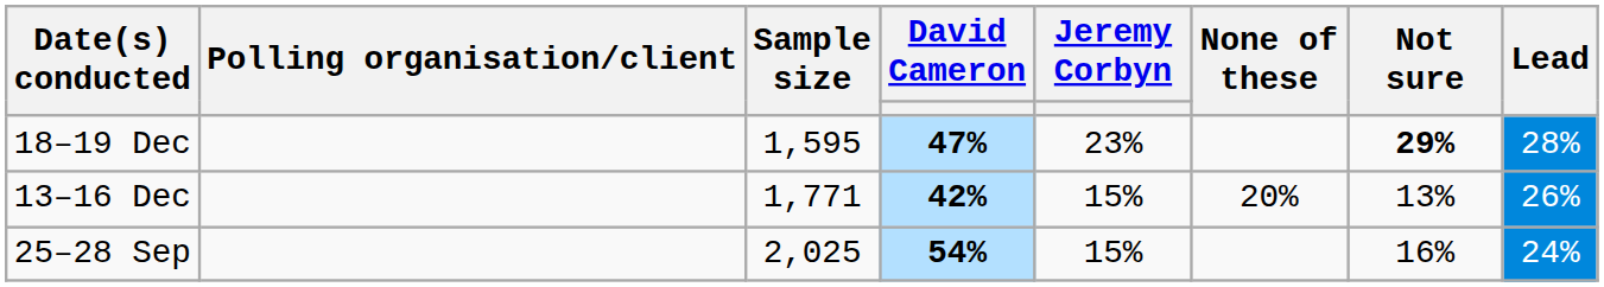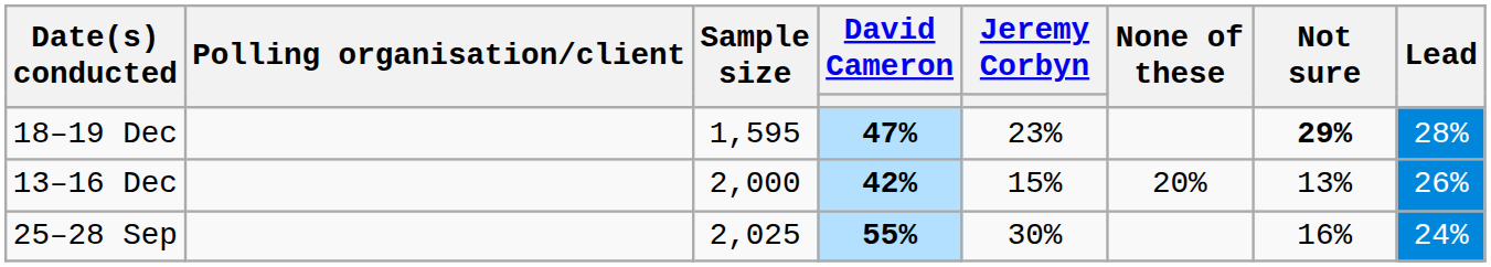 <table class="wikitable sortable mw-datatable" style="text-align:center;font-size:90%;line-height:14px;">
 <tr>
 <th rowspan="2">Date(s)<br>conducted</th>
 <th rowspan="2">Polling organisation/client</th>
 <th rowspan="2">Sample<br>size</th>
 <th style="width:50px;" class="unsortable"><a href='#'>David Cameron</a></th>
 <th style="width:50px;" class="unsortable"><a href='#'>Jeremy Corbyn</a></th>
 <th style="width:50px;" rowspan="2" class="unsortable">None of these</th>
 <th style="width:50px;" rowspan="2" class="unsortable">Not sure</th>
 <th class="unsortable" style="width:20px;" rowspan="2">Lead</th>
 </tr>
 <tr>
 <th class="unsortable" style="color:inherit;background:"></th>
 <th class="unsortable" style="color:inherit;background:"></th>
 </tr>
 <tr>
 <td>18–19 Dec</td>
 <td></td>
 <td>1,595</td>
 <td style="background:#B3E0FF"><strong>47%</strong></td>
 <td>23%</td>
 <td></td>
 <td><strong>29%</strong></td>
 <td style="background:#0087DC; color:white;">28%</td>
 </tr>
 <tr>
 <td>13–16 Dec</td>
 <td></td>
-<td>1,771</td>
+<td>2,000</td>
 <td style="background:#B3E0FF"><strong>42%</strong></td>
 <td>15%</td>
 <td>20%</td>
 <td>13%</td>
 <td style="background:#0087DC; color:white;">26%</td>
 </tr>
 <tr>
 <td>25–28 Sep</td>
 <td></td>
 <td>2,025</td>
-<td style="background:#B3E0FF"><strong>54%</strong></td>
-<td>15%</td>
+<td style="background:#B3E0FF"><strong>55%</strong></td>
+<td>30%</td>
 <td></td>
 <td>16%</td>
 <td style="background:#0087DC; color:white;">24%</td>
 </tr>
 </table>
